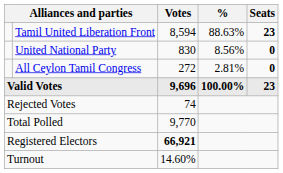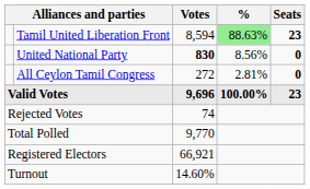 <table class="wikitable" border="1" style="text-align:right;">
 <tr>
 <th valign=bottom align=left colspan=2>Alliances and parties</th>
 <th valign=bottom align=center>Votes</th>
 <th valign=bottom align=center>%</th>
 <th valign=bottom align=center>Seats</th>
 </tr>
 <tr>
 <td style="background-color:"> </td>
 <td style="text-align:left;"><a href='#'>Tamil United Liberation Front</a></td>
 <td>8,594</td>
-<td>88.63%</td>
+<td style="background: lightgreen;">88.63%</td>
 <td><strong>23</strong></td>
 </tr>
 <tr>
 <td style="background-color:"> </td>
 <td style="text-align:left;"><a href='#'>United National Party</a></td>
-<td>830</td>
+<td><strong>830</strong></td>
 <td>8.56%</td>
 <td><strong>0</strong></td>
 </tr>
 <tr>
 <td style="background-color:"> </td>
 <td style="text-align:left;"><a href='#'>All Ceylon Tamil Congress</a></td>
 <td>272</td>
 <td>2.81%</td>
 <td><strong>0</strong></td>
 </tr>
 <tr style="background-color:#E9E9E9; font-weight:bold">
 <td colspan=2 style="text-align:left;">Valid Votes</td>
 <td>9,696</td>
 <td>100.00%</td>
 <td>23</td>
 </tr>
 <tr>
 <td colspan=2 style="text-align:left;">Rejected Votes</td>
 <td>74</td>
 <td colspan=2></td>
 </tr>
 <tr>
 <td colspan=2 style="text-align:left;">Total Polled</td>
 <td>9,770</td>
 <td colspan=2></td>
 </tr>
 <tr>
 <td colspan=2 style="text-align:left;">Registered Electors</td>
-<td><strong>66,921</strong></td>
+<td>66,921</td>
 <td colspan=2></td>
 </tr>
 <tr>
 <td colspan=2 style="text-align:left;">Turnout</td>
 <td>14.60%</td>
 <td colspan=2></td>
 </tr>
 </table>
